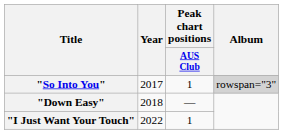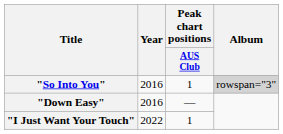 <table class="wikitable plainrowheaders" style="text-align:center;">
 <tr>
 <th scope="col" rowspan="2">Title</th>
 <th scope="col" rowspan="2">Year</th>
 <th scope="col">Peak chart positions</th>
 <th scope="col" rowspan="2">Album</th>
 </tr>
 <tr>
 <th scope="col" style="width:3em;font-size:85%;"><a href='#'>AUS<br>Club</a><br></th>
 </tr>
 <tr>
 <th scope="row">"<a href='#'>So Into You</a>"<br></th>
-<td>2017</td>
+<td>2016</td>
 <td>1</td>
 <td style="background: lightgrey;">rowspan="3" </td>
 </tr>
 <tr>
 <th scope="row">"Down Easy"<br></th>
-<td>2018</td>
+<td>2016</td>
 <td>—</td>
 </tr>
 <tr>
 <th scope="row">"I Just Want Your Touch"<br></th>
 <td>2022</td>
 <td>1</td>
 </tr>
 </table>
